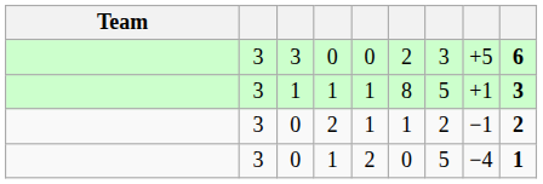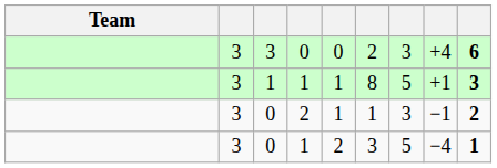 <table class="wikitable" style="text-align: center;">
 <tr>
 <th width="165">Team</th>
 <th width="20"></th>
 <th width="20"></th>
 <th width="20"></th>
 <th width="20"></th>
 <th width="20"></th>
 <th width="20"></th>
 <th width="20"></th>
 <th width="20"></th>
 </tr>
 <tr bgcolor=ccffcc>
 <td style="text-align:left;"></td>
 <td>3</td>
 <td>3</td>
 <td>0</td>
 <td>0</td>
 <td>2</td>
 <td>3</td>
-<td>+5</td>
+<td>+4</td>
 <td><strong>6</strong></td>
 </tr>
 <tr bgcolor=ccffcc>
 <td style="text-align:left;"></td>
 <td>3</td>
 <td>1</td>
 <td>1</td>
 <td>1</td>
 <td>8</td>
 <td>5</td>
 <td>+1</td>
 <td><strong>3</strong></td>
 </tr>
 <tr>
 <td style="text-align:left;"></td>
 <td>3</td>
 <td>0</td>
 <td>2</td>
 <td>1</td>
 <td>1</td>
-<td>2</td>
+<td>3</td>
 <td>−1</td>
 <td><strong>2</strong></td>
 </tr>
 <tr>
 <td style="text-align:left;"></td>
 <td>3</td>
 <td>0</td>
 <td>1</td>
 <td>2</td>
-<td>0</td>
+<td>3</td>
 <td>5</td>
 <td>−4</td>
 <td><strong>1</strong></td>
 </tr>
 </table>
